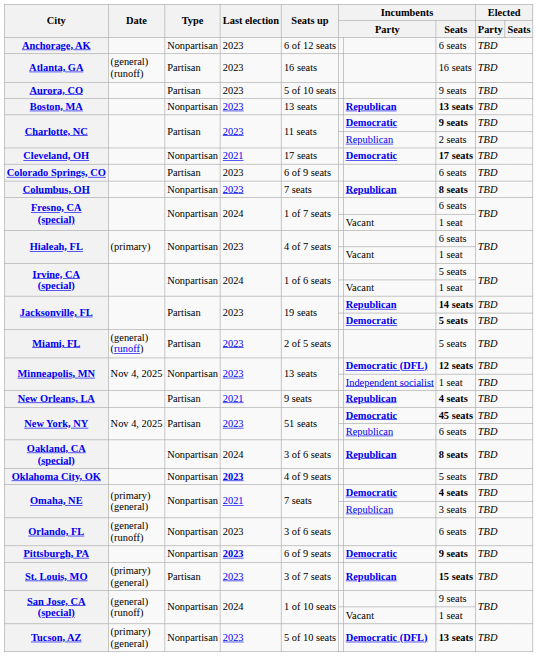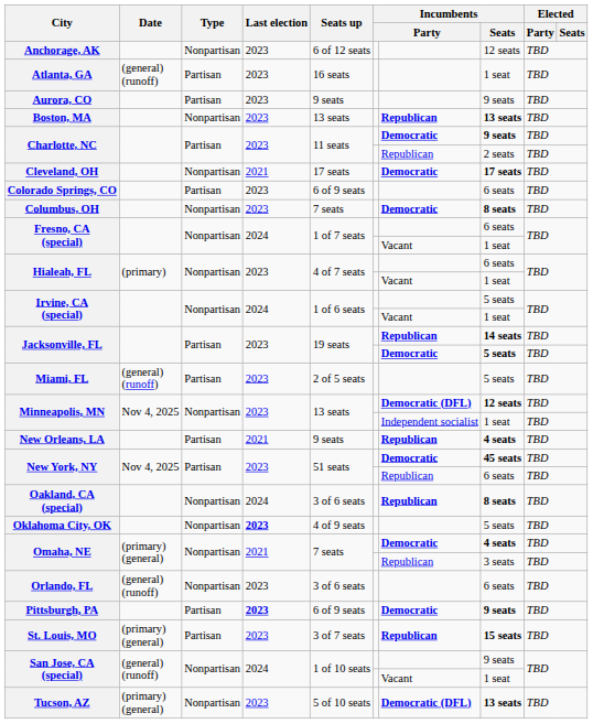 <table class="wikitable">
 <tr>
 <th rowspan="2">City</th>
 <th rowspan="2">Date</th>
 <th rowspan="2">Type</th>
 <th rowspan="2">Last election</th>
 <th rowspan="2">Seats up</th>
 <th colspan=3>Incumbents</th>
 <th colspan=3>Elected</th>
 </tr>
 <tr>
 <th colspan=2 align="center">Party</th>
 <th align="center">Seats</th>
 <th colspan=2 align="center">Party</th>
 <th align="center">Seats</th>
 </tr>
 <tr>
 <th><a href='#'>Anchorage, AK</a></th>
 <td></td>
 <td>Nonpartisan</td>
 <td>2023</td>
 <td>6 of 12 seats</td>
 <td style="background-color:"></td>
 <td></td>
-<td>6 seats</td>
+<td>12 seats</td>
 <td colspan=3><em>TBD</em></td>
 </tr>
 <tr>
 <th><a href='#'>Atlanta, GA</a></th>
 <td> (general)<br> (runoff)</td>
 <td>Partisan</td>
 <td>2023</td>
 <td>16 seats</td>
 <td style="background-color:"></td>
 <td></td>
-<td>16 seats</td>
+<td>1 seat</td>
 <td colspan=3><em>TBD</em></td>
 </tr>
 <tr>
 <th><a href='#'>Aurora, CO</a></th>
 <td></td>
 <td>Partisan</td>
 <td>2023</td>
-<td>5 of 10 seats</td>
+<td>9 seats</td>
 <td style="background-color:"></td>
 <td></td>
 <td>9 seats</td>
 <td colspan=3><em>TBD</em></td>
 </tr>
 <tr>
 <th><a href='#'>Boston, MA</a></th>
 <td></td>
 <td>Nonpartisan</td>
 <td><a href='#'>2023</a></td>
 <td>13 seats</td>
 <td style="background-color:"></td>
 <td><strong><a href='#'>Republican</a></strong></td>
 <td><strong>13 seats</strong></td>
 <td colspan=3><em>TBD</em></td>
 </tr>
 <tr>
 <th rowspan=2><a href='#'>Charlotte, NC</a></th>
 <td rowspan=2></td>
 <td rowspan=2>Partisan</td>
 <td rowspan=2><a href='#'>2023</a></td>
 <td rowspan=2>11 seats</td>
 <td style="background-color:"></td>
 <td><strong><a href='#'>Democratic</a></strong></td>
 <td><strong>9 seats</strong></td>
 <td colspan=3><em>TBD</em></td>
 </tr>
 <tr>
 <td style="background-color:"></td>
 <td><a href='#'>Republican</a></td>
 <td>2 seats</td>
 <td colspan=3><em>TBD</em></td>
 </tr>
 <tr>
 <th><a href='#'>Cleveland, OH</a></th>
 <td></td>
 <td>Nonpartisan</td>
 <td><a href='#'>2021</a></td>
 <td>17 seats</td>
 <td style="background-color:"></td>
 <td><strong><a href='#'>Democratic</a></strong></td>
 <td><strong>17 seats</strong></td>
 <td colspan=3><em>TBD</em></td>
 </tr>
 <tr>
 <th><a href='#'>Colorado Springs, CO</a></th>
 <td></td>
 <td>Partisan</td>
 <td>2023</td>
 <td>6 of 9 seats</td>
 <td style="background-color:"></td>
 <td></td>
 <td>6 seats</td>
 <td colspan=3><em>TBD</em></td>
 </tr>
 <tr>
 <th><a href='#'>Columbus, OH</a></th>
 <td></td>
 <td>Nonpartisan</td>
 <td><a href='#'>2023</a></td>
 <td>7 seats</td>
 <td style="background-color:"></td>
-<td><strong><a href='#'>Republican</a></strong></td>
+<td><strong><a href='#'>Democratic</a></strong></td>
 <td><strong>8 seats</strong></td>
 <td colspan=3><em>TBD</em></td>
 </tr>
 <tr>
 <th rowspan=2><a href='#'>Fresno, CA<br>(special)</a></th>
 <td rowspan=2></td>
 <td rowspan=2>Nonpartisan</td>
 <td rowspan=2>2024</td>
 <td rowspan=2>1 of 7 seats</td>
 <td style="background-color:"></td>
 <td></td>
 <td>6 seats</td>
 <td rowspan=2 colspan=3><em>TBD</em></td>
 </tr>
 <tr>
 <td></td>
 <td>Vacant</td>
 <td>1 seat</td>
 </tr>
 <tr>
 <th rowspan=2><a href='#'>Hialeah, FL</a></th>
 <td rowspan=2> (primary)<br></td>
 <td rowspan=2>Nonpartisan</td>
 <td rowspan=2>2023</td>
 <td rowspan=2>4 of 7 seats</td>
 <td style="background-color:"></td>
 <td></td>
 <td>6 seats</td>
 <td rowspan=2 colspan=3><em>TBD</em></td>
 </tr>
 <tr>
 <td></td>
 <td>Vacant</td>
 <td>1 seat</td>
 </tr>
 <tr>
 <th rowspan=2><a href='#'>Irvine, CA<br>(special)</a></th>
 <td rowspan=2></td>
 <td rowspan=2>Nonpartisan</td>
 <td rowspan=2>2024</td>
 <td rowspan=2>1 of 6 seats</td>
 <td style="background-color:"></td>
 <td></td>
 <td>5 seats</td>
 <td rowspan=2 colspan=3><em>TBD</em></td>
 </tr>
 <tr>
 <td></td>
 <td>Vacant</td>
 <td>1 seat</td>
 </tr>
 <tr>
 <th rowspan=2><a href='#'>Jacksonville, FL</a></th>
 <td rowspan=2></td>
 <td rowspan=2>Partisan</td>
 <td rowspan=2>2023</td>
 <td rowspan=2>19 seats</td>
 <td style="background-color:"></td>
 <td><strong><a href='#'>Republican</a></strong></td>
 <td><strong>14 seats</strong></td>
 <td colspan=3><em>TBD</em></td>
 </tr>
 <tr>
 <td style="background-color:"></td>
 <td><strong><a href='#'>Democratic</a></strong></td>
 <td><strong>5 seats</strong></td>
 <td colspan=3><em>TBD</em></td>
 </tr>
 <tr>
 <th><a href='#'>Miami, FL</a></th>
 <td> (general)<br> (<a href='#'>runoff</a>)</td>
 <td>Partisan</td>
 <td><a href='#'>2023</a></td>
 <td>2 of 5 seats</td>
 <td style="background-color:"></td>
 <td></td>
 <td>5 seats</td>
 <td colspan=3><em>TBD</em></td>
 </tr>
 <tr>
 <th rowspan=2><a href='#'>Minneapolis, MN</a></th>
 <td rowspan=2>Nov 4, 2025</td>
 <td rowspan=2>Nonpartisan</td>
 <td rowspan=2><a href='#'>2023</a></td>
 <td rowspan=2>13 seats</td>
 <td style="background-color:"></td>
 <td><strong><a href='#'>Democratic (DFL)</a></strong></td>
 <td><strong>12 seats</strong></td>
 <td colspan=3><em>TBD</em></td>
 </tr>
 <tr>
 <td style="background-color:"></td>
 <td><a href='#'>Independent socialist</a></td>
 <td>1 seat</td>
 <td colspan=3><em>TBD</em></td>
 </tr>
 <tr>
 <th><a href='#'>New Orleans, LA</a></th>
 <td></td>
 <td>Partisan</td>
 <td><a href='#'>2021</a></td>
 <td>9 seats</td>
 <td style="background-color:"></td>
 <td><strong><a href='#'>Republican</a></strong></td>
 <td><strong>4 seats</strong></td>
 <td colspan=3><em>TBD</em></td>
 </tr>
 <tr>
 <th rowspan=2><a href='#'>New York, NY</a></th>
 <td rowspan=2>Nov 4, 2025</td>
 <td rowspan=2>Partisan</td>
 <td rowspan=2><a href='#'>2023</a></td>
 <td rowspan=2>51 seats</td>
 <td style="background-color:"></td>
 <td><strong><a href='#'>Democratic</a></strong></td>
 <td><strong>45 seats</strong></td>
 <td colspan=3><em>TBD</em></td>
 </tr>
 <tr>
 <td style="background-color:"></td>
 <td><a href='#'>Republican</a></td>
 <td>6 seats</td>
 <td colspan=3><em>TBD</em></td>
 </tr>
 <tr>
 <th><a href='#'>Oakland, CA<br>(special)</a></th>
 <td></td>
 <td>Nonpartisan</td>
 <td>2024</td>
 <td>3 of 6 seats</td>
 <td style="background-color:"></td>
 <td><strong><a href='#'>Republican</a></strong></td>
 <td><strong>8 seats</strong></td>
 <td colspan=3><em>TBD</em></td>
 </tr>
 <tr>
 <th><a href='#'>Oklahoma City, OK</a></th>
 <td></td>
 <td>Nonpartisan</td>
 <td><strong><a href='#'>2023</a></strong></td>
 <td>4 of 9 seats</td>
 <td style="background-color:"></td>
 <td></td>
 <td>5 seats</td>
 <td colspan=3><em>TBD</em></td>
 </tr>
 <tr>
 <th rowspan=2><a href='#'>Omaha, NE</a></th>
 <td rowspan=2> (primary)<br> (general)</td>
 <td rowspan=2>Nonpartisan</td>
 <td rowspan=2><a href='#'>2021</a></td>
 <td rowspan=2>7 seats</td>
 <td style="background-color:"></td>
 <td><strong><a href='#'>Democratic</a></strong></td>
 <td><strong>4 seats</strong></td>
 <td colspan=3><em>TBD</em></td>
 </tr>
 <tr>
 <td style="background-color:"></td>
 <td><a href='#'>Republican</a></td>
 <td>3 seats</td>
 <td colspan=3><em>TBD</em></td>
 </tr>
 <tr>
 <th><a href='#'>Orlando, FL</a></th>
 <td> (general)<br> (runoff)</td>
 <td>Nonpartisan</td>
 <td>2023</td>
 <td>3 of 6 seats</td>
 <td style="background-color:"></td>
 <td></td>
 <td>6 seats</td>
 <td colspan=3><em>TBD</em></td>
 </tr>
 <tr>
 <th><a href='#'>Pittsburgh, PA</a></th>
 <td></td>
-<td>Nonpartisan</td>
+<td>Partisan</td>
 <td><strong><a href='#'>2023</a></strong></td>
 <td>6 of 9 seats</td>
 <td style="background-color:"></td>
 <td><strong><a href='#'>Democratic</a></strong></td>
 <td><strong>9 seats</strong></td>
 <td colspan=3><em>TBD</em></td>
 </tr>
 <tr>
 <th><a href='#'>St. Louis, MO</a></th>
 <td> (primary)<br> (general)</td>
 <td>Partisan</td>
 <td><a href='#'>2023</a></td>
 <td>3 of 7 seats</td>
 <td style="background-color:"></td>
 <td><strong><a href='#'>Republican</a></strong></td>
 <td><strong>15 seats</strong></td>
 <td colspan=3><em>TBD</em></td>
 </tr>
 <tr>
 <th rowspan=2><a href='#'>San Jose, CA<br>(special)</a></th>
 <td rowspan=2> (general)<br> (runoff)</td>
 <td rowspan=2>Nonpartisan</td>
 <td rowspan=2>2024</td>
 <td rowspan=2>1 of 10 seats</td>
 <td style="background-color:"></td>
 <td></td>
 <td>9 seats</td>
 <td rowspan=2 colspan=3><em>TBD</em></td>
 </tr>
 <tr>
 <td></td>
 <td>Vacant</td>
 <td>1 seat</td>
 </tr>
 <tr>
 <th><a href='#'>Tucson, AZ</a></th>
 <td> (primary)<br> (general)</td>
 <td>Nonpartisan</td>
 <td><a href='#'>2023</a></td>
 <td>5 of 10 seats</td>
 <td style="background-color:"></td>
 <td><strong><a href='#'>Democratic (DFL)</a></strong></td>
 <td><strong>13 seats</strong></td>
 <td colspan=3><em>TBD</em></td>
 </tr>
 </table>
